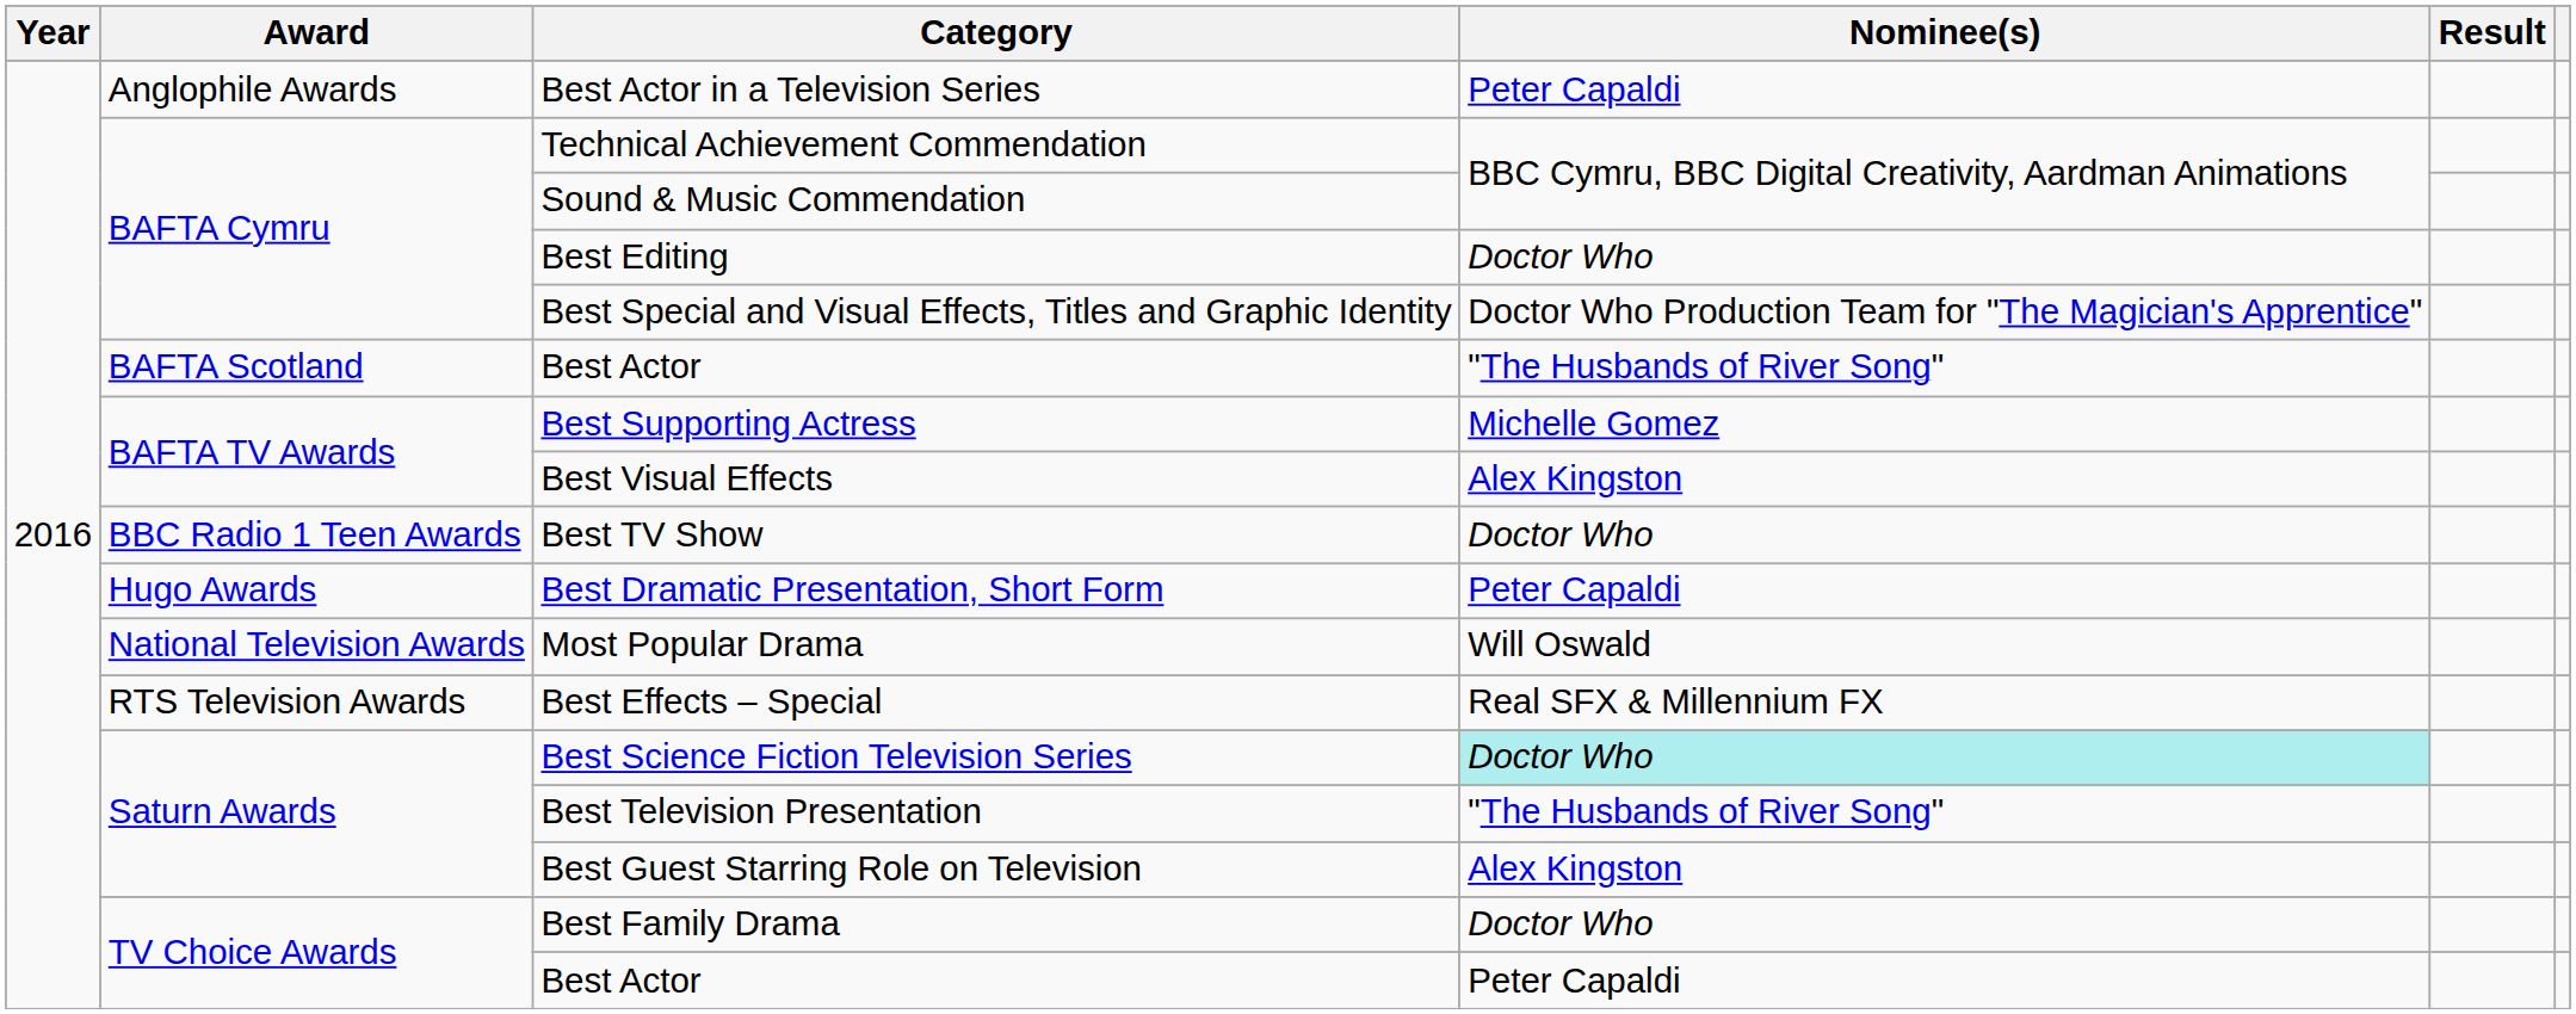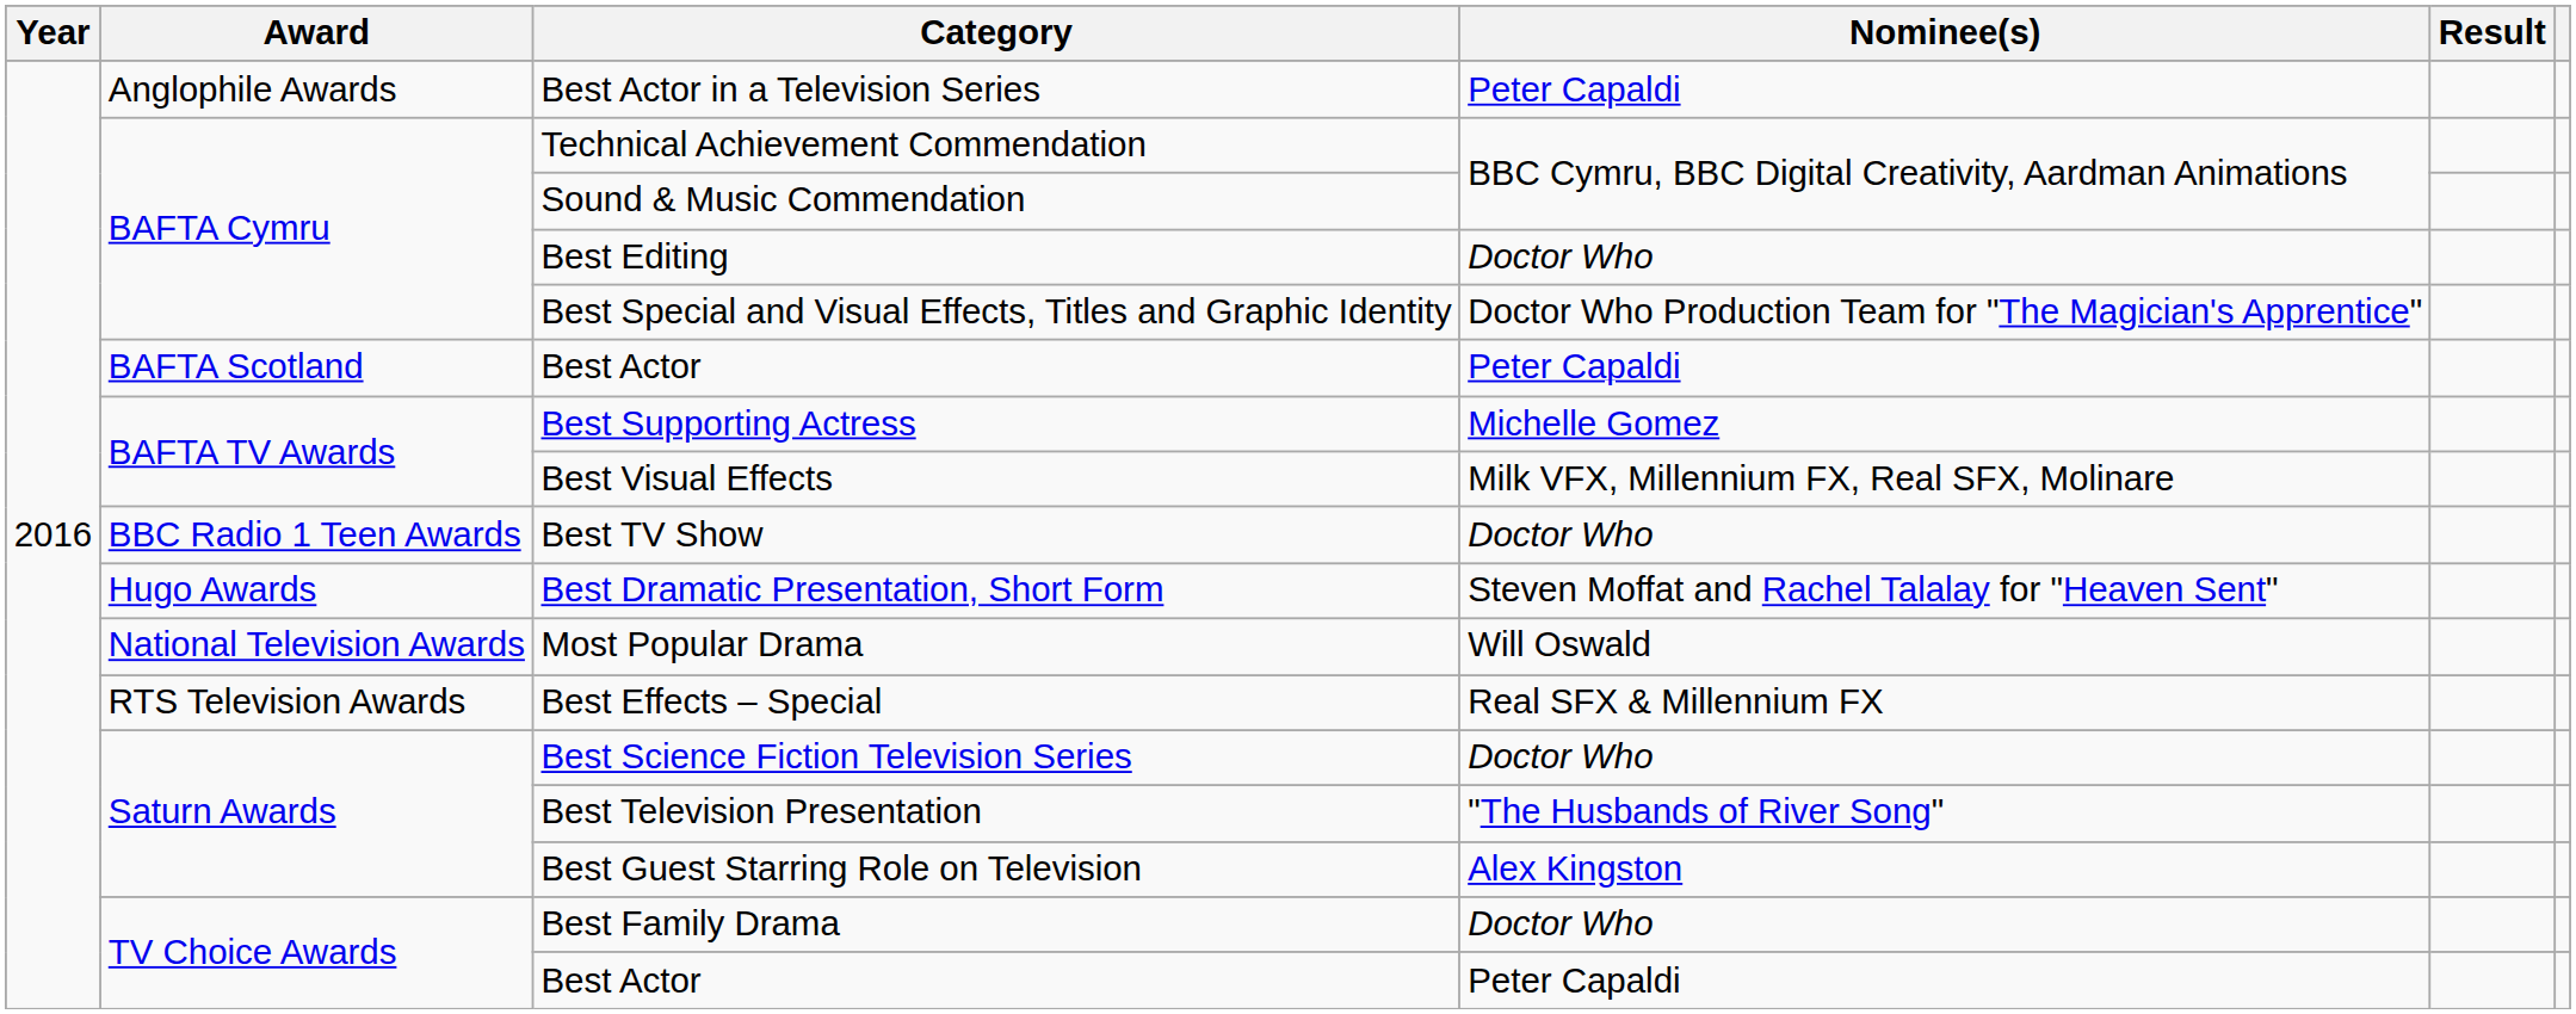 <table class="wikitable sortable">
 <tr>
 <th>Year</th>
 <th>Award</th>
 <th>Category</th>
 <th>Nominee(s)</th>
 <th>Result</th>
 <th class="unsortable"></th>
 </tr>
 <tr>
 <td rowspan="17">2016</td>
 <td>Anglophile Awards</td>
 <td>Best Actor in a Television Series</td>
 <td><a href='#'>Peter Capaldi</a></td>
 <td></td>
 <td></td>
 </tr>
 <tr>
 <td rowspan="4"><a href='#'>BAFTA Cymru</a></td>
 <td>Technical Achievement Commendation</td>
 <td rowspan="2">BBC Cymru, BBC Digital Creativity, Aardman Animations</td>
 <td></td>
 <td></td>
 </tr>
 <tr>
 <td>Sound & Music Commendation</td>
 <td></td>
 <td></td>
 </tr>
 <tr>
 <td>Best Editing</td>
 <td><em>Doctor Who</em></td>
 <td></td>
 <td></td>
 </tr>
 <tr>
 <td>Best Special and Visual Effects, Titles and Graphic Identity</td>
 <td>Doctor Who Production Team for "<a href='#'>The Magician's Apprentice</a>"</td>
 <td></td>
 <td></td>
 </tr>
 <tr>
 <td><a href='#'>BAFTA Scotland</a></td>
 <td>Best Actor</td>
-<td>"<a href='#'>The Husbands of River Song</a>"</td>
+<td><a href='#'>Peter Capaldi</a></td>
 <td></td>
 <td></td>
 </tr>
 <tr>
 <td rowspan="2"><a href='#'>BAFTA TV Awards</a></td>
 <td><a href='#'>Best Supporting Actress</a></td>
 <td><a href='#'>Michelle Gomez</a></td>
 <td></td>
 <td></td>
 </tr>
 <tr>
 <td>Best Visual Effects</td>
-<td><a href='#'>Alex Kingston</a></td>
+<td>Milk VFX, Millennium FX, Real SFX, Molinare</td>
 <td></td>
 <td></td>
 </tr>
 <tr>
 <td><a href='#'>BBC Radio 1 Teen Awards</a></td>
 <td>Best TV Show</td>
 <td><em>Doctor Who</em></td>
 <td></td>
 <td></td>
 </tr>
 <tr>
 <td><a href='#'>Hugo Awards</a></td>
 <td><a href='#'>Best Dramatic Presentation, Short Form</a></td>
-<td><a href='#'>Peter Capaldi</a></td>
+<td>Steven Moffat and <a href='#'>Rachel Talalay</a> for "<a href='#'>Heaven Sent</a>"</td>
 <td></td>
 <td></td>
 </tr>
 <tr>
 <td><a href='#'>National Television Awards</a></td>
 <td>Most Popular Drama</td>
 <td>Will Oswald</td>
 <td></td>
 <td></td>
 </tr>
 <tr>
 <td>RTS Television Awards</td>
 <td>Best Effects – Special</td>
 <td>Real SFX & Millennium FX</td>
 <td></td>
 <td></td>
 </tr>
 <tr>
 <td rowspan="3"><a href='#'>Saturn Awards</a></td>
 <td><a href='#'>Best Science Fiction Television Series</a></td>
-<td style="background: paleturquoise;"><em>Doctor Who</em></td>
+<td><em>Doctor Who</em></td>
 <td></td>
 <td></td>
 </tr>
 <tr>
 <td>Best Television Presentation</td>
 <td>"<a href='#'>The Husbands of River Song</a>"</td>
 <td></td>
 <td></td>
 </tr>
 <tr>
 <td>Best Guest Starring Role on Television</td>
 <td><a href='#'>Alex Kingston</a></td>
 <td></td>
 <td></td>
 </tr>
 <tr>
 <td rowspan="2"><a href='#'>TV Choice Awards</a></td>
 <td>Best Family Drama</td>
 <td><em>Doctor Who</em></td>
 <td></td>
 <td></td>
 </tr>
 <tr>
 <td>Best Actor</td>
 <td>Peter Capaldi</td>
 <td></td>
 <td></td>
 </tr>
 </table>
